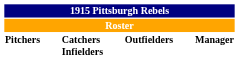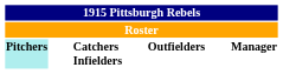 <table class="toccolours" style="font-size: 95%;">
 <tr>
 <th colspan="10" style="background-color: navy; color: white; text-align: center;">1915 Pittsburgh Rebels</th>
 </tr>
 <tr>
 <td colspan="10" style="background-color: orange; color: white; text-align: center;"><strong>Roster</strong></td>
 </tr>
 <tr>
-<td valign="top"><strong>Pitchers</strong><br>           </td>
+<td valign="top" style="background: paleturquoise;"><strong>Pitchers</strong><br>           </td>
 <td width="25px"></td>
 <td valign="top"><strong>Catchers</strong><br>   <strong>Infielders</strong>       </td>
 <td width="25px"></td>
 <td valign="top"><strong>Outfielders</strong><br>        </td>
 <td width="25px"></td>
 <td valign="top"><strong>Manager</strong><br></td>
 </tr>
 </table>
